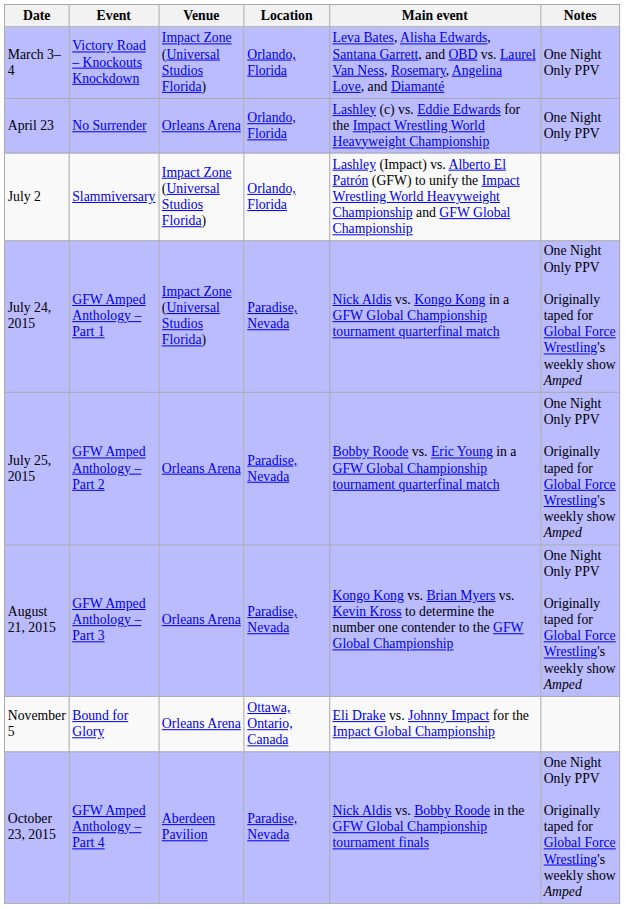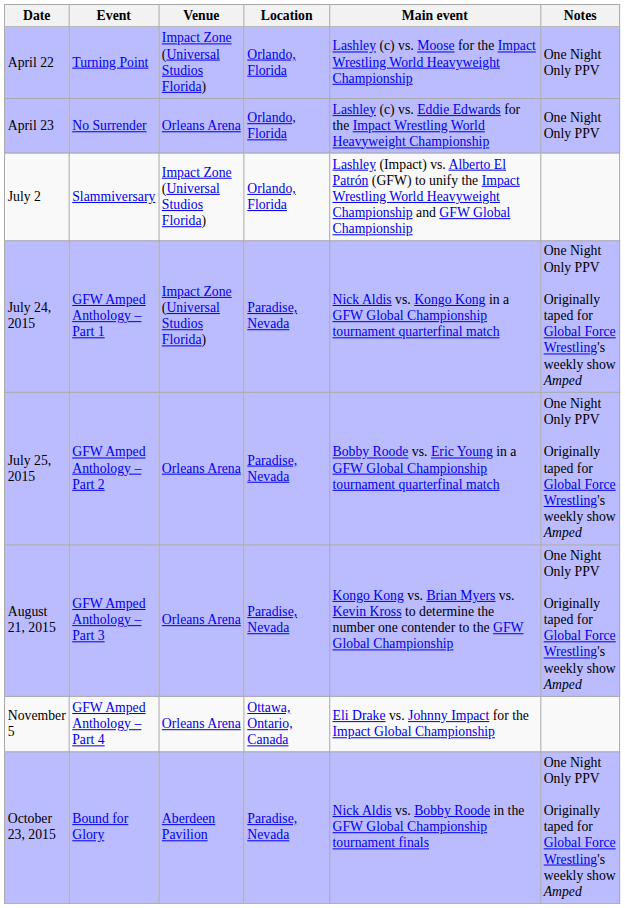 <table class="sortable wikitable succession-box" style="font-size:85%;">
 <tr>
 <th width=9%>Date</th>
 <th width=14%>Event</th>
 <th width=14%>Venue</th>
 <th width=14%>Location</th>
 <th width=35%>Main event</th>
 <th width=13%>Notes</th>
 </tr>
 <tr style="background: #BBF">
-<td>March 3–4<br></td>
-<td><a href='#'>Victory Road – Knockouts Knockdown</a></td>
+<td>April 22<br></td>
+<td><a href='#'>Turning Point</a></td>
 <td><a href='#'>Impact Zone</a> (<a href='#'>Universal Studios Florida</a>)</td>
 <td><a href='#'>Orlando, Florida</a></td>
-<td><a href='#'>Leva Bates</a>, <a href='#'>Alisha Edwards</a>, <a href='#'>Santana Garrett</a>, and <a href='#'>OBD</a> vs. <a href='#'>Laurel Van Ness</a>, <a href='#'>Rosemary</a>, <a href='#'>Angelina Love</a>, and <a href='#'>Diamanté</a></td>
+<td><a href='#'>Lashley</a> (c) vs. <a href='#'>Moose</a> for the <a href='#'>Impact Wrestling World Heavyweight Championship</a></td>
 <td>One Night Only PPV</td>
 </tr>
 <tr style="background: #BBF">
 <td>April 23<br></td>
 <td><a href='#'>No Surrender</a></td>
 <td><a href='#'>Orleans Arena</a></td>
 <td><a href='#'>Orlando, Florida</a></td>
 <td><a href='#'>Lashley</a> (c) vs. <a href='#'>Eddie Edwards</a> for the <a href='#'>Impact Wrestling World Heavyweight Championship</a></td>
 <td>One Night Only PPV</td>
 </tr>
 <tr>
 <td>July 2</td>
 <td><a href='#'>Slammiversary</a></td>
 <td><a href='#'>Impact Zone</a> (<a href='#'>Universal Studios Florida</a>)</td>
 <td><a href='#'>Orlando, Florida</a></td>
 <td><a href='#'>Lashley</a> (Impact) vs. <a href='#'>Alberto El Patrón</a> (GFW) to unify the <a href='#'>Impact Wrestling World Heavyweight Championship</a> and <a href='#'>GFW Global Championship</a></td>
 <td></td>
 </tr>
 <tr style="background: #BBF">
 <td>July 24, 2015<br></td>
 <td><a href='#'>GFW Amped Anthology – Part 1</a></td>
 <td><a href='#'>Impact Zone</a> (<a href='#'>Universal Studios Florida</a>)</td>
 <td><a href='#'>Paradise, Nevada</a></td>
 <td><a href='#'>Nick Aldis</a> vs. <a href='#'>Kongo Kong</a> in a <a href='#'>GFW Global Championship tournament quarterfinal match</a></td>
 <td>One Night Only PPV<br><br>Originally taped for <a href='#'>Global Force Wrestling</a>'s weekly show <em>Amped</em></td>
 </tr>
 <tr style="background: #BBF">
 <td>July 25, 2015<br></td>
 <td><a href='#'>GFW Amped Anthology – Part 2</a></td>
 <td><a href='#'>Orleans Arena</a></td>
 <td><a href='#'>Paradise, Nevada</a></td>
 <td><a href='#'>Bobby Roode</a> vs. <a href='#'>Eric Young</a> in a <a href='#'>GFW Global Championship tournament quarterfinal match</a></td>
 <td>One Night Only PPV<br><br>Originally taped for <a href='#'>Global Force Wrestling</a>'s weekly show <em>Amped</em></td>
 </tr>
 <tr style="background: #BBF">
 <td>August 21, 2015<br></td>
 <td><a href='#'>GFW Amped Anthology – Part 3</a></td>
 <td><a href='#'>Orleans Arena</a></td>
 <td><a href='#'>Paradise, Nevada</a></td>
 <td><a href='#'>Kongo Kong</a> vs. <a href='#'>Brian Myers</a> vs. <a href='#'>Kevin Kross</a> to determine the number one contender to the <a href='#'>GFW Global Championship</a></td>
 <td>One Night Only PPV<br><br>Originally taped for <a href='#'>Global Force Wrestling</a>'s weekly show <em>Amped</em></td>
 </tr>
 <tr>
 <td>November 5</td>
-<td><a href='#'>Bound for Glory</a></td>
+<td><a href='#'>GFW Amped Anthology – Part 4</a></td>
 <td><a href='#'>Orleans Arena</a></td>
 <td><a href='#'>Ottawa, Ontario, Canada</a></td>
 <td><a href='#'>Eli Drake</a> vs. <a href='#'>Johnny Impact</a> for the <a href='#'>Impact Global Championship</a></td>
 <td></td>
 </tr>
 <tr style="background: #BBF">
 <td>October 23, 2015<br></td>
-<td><a href='#'>GFW Amped Anthology – Part 4</a></td>
+<td><a href='#'>Bound for Glory</a></td>
 <td><a href='#'>Aberdeen Pavilion</a></td>
 <td><a href='#'>Paradise, Nevada</a></td>
 <td><a href='#'>Nick Aldis</a> vs. <a href='#'>Bobby Roode</a> in the <a href='#'>GFW Global Championship tournament finals</a></td>
 <td>One Night Only PPV<br><br>Originally taped for <a href='#'>Global Force Wrestling</a>'s weekly show <em>Amped</em></td>
 </tr>
 </table>
